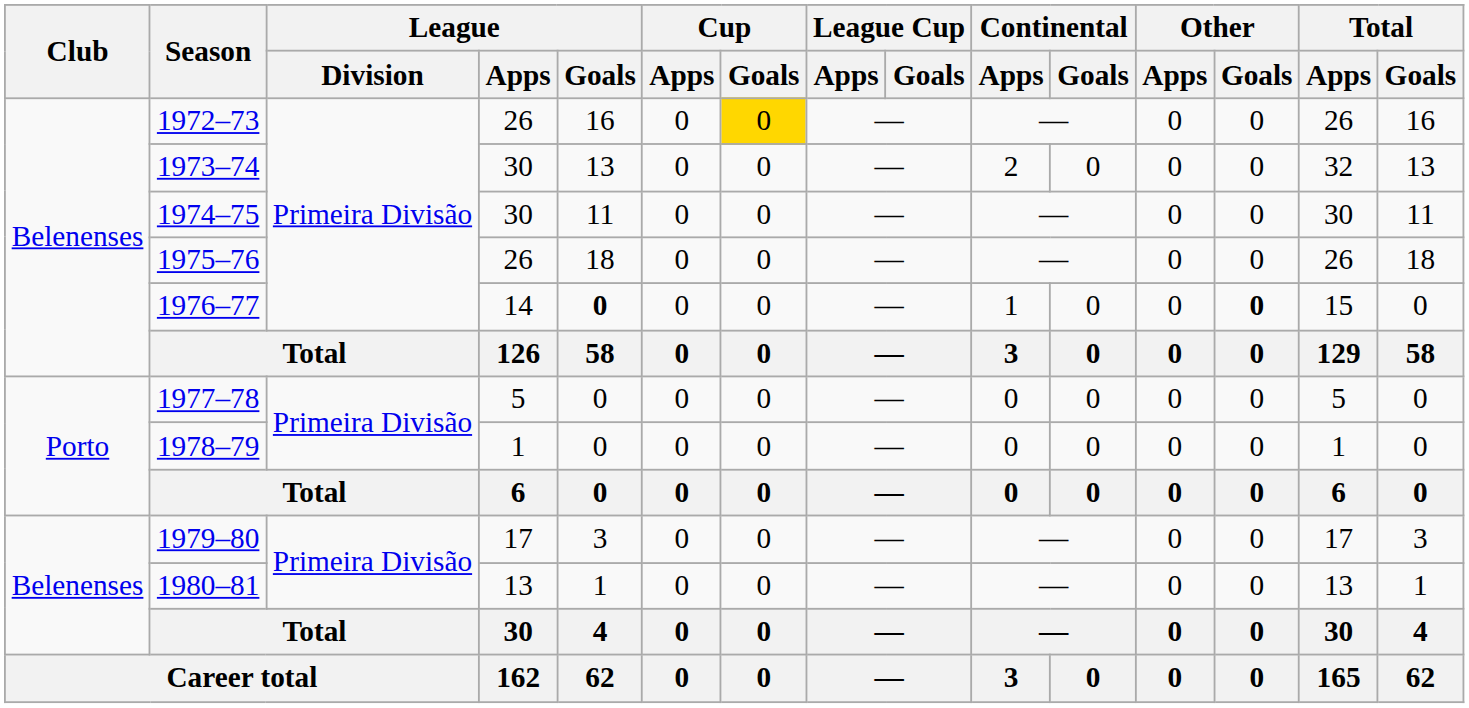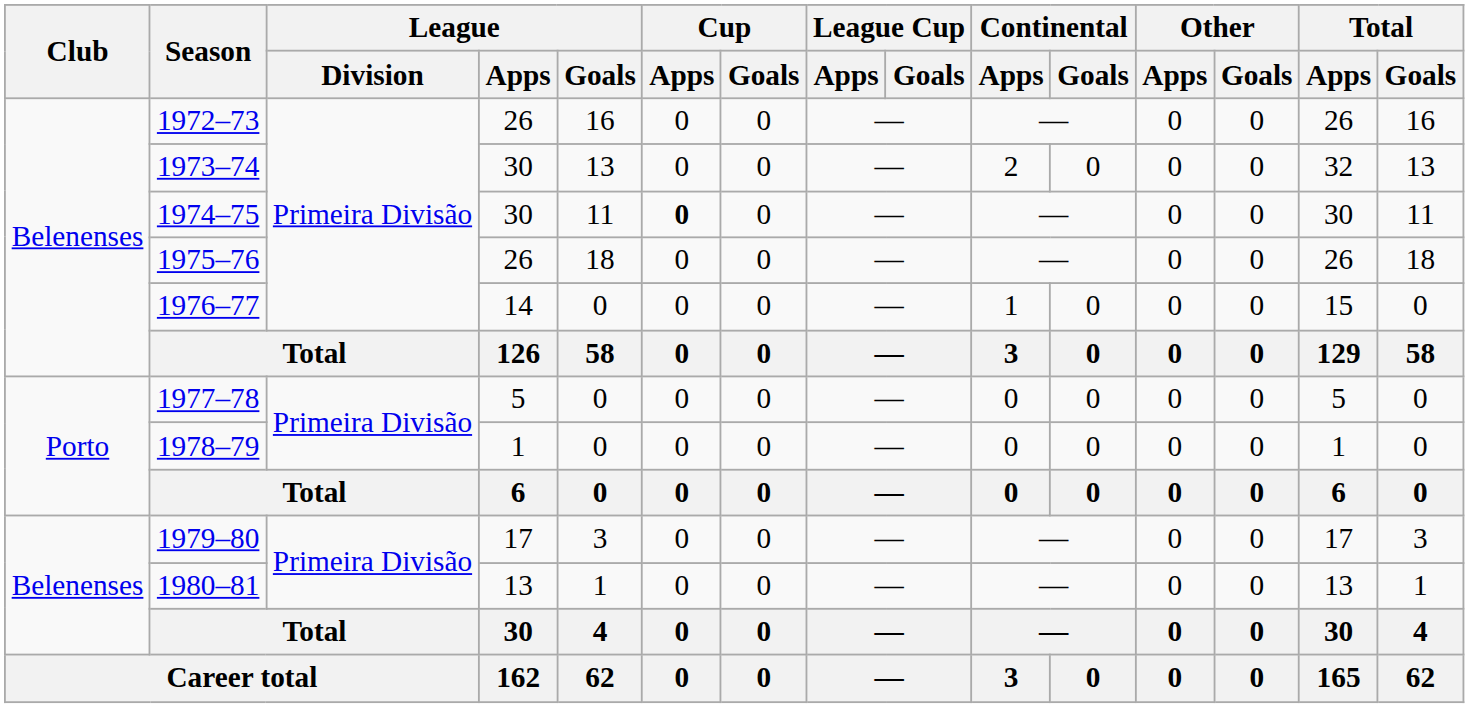 <table class="wikitable" style="text-align:center">
 <tr>
 <th rowspan="2">Club</th>
 <th rowspan="2">Season</th>
 <th colspan="3">League</th>
 <th colspan="2">Cup</th>
 <th colspan="2">League Cup</th>
 <th colspan="2">Continental</th>
 <th colspan="2">Other</th>
 <th colspan="2">Total</th>
 </tr>
 <tr>
 <th>Division</th>
 <th>Apps</th>
 <th>Goals</th>
 <th>Apps</th>
 <th>Goals</th>
 <th>Apps</th>
 <th>Goals</th>
 <th>Apps</th>
 <th>Goals</th>
 <th>Apps</th>
 <th>Goals</th>
 <th>Apps</th>
 <th>Goals</th>
 </tr>
 <tr>
 <td rowspan="6"><a href='#'>Belenenses</a></td>
 <td><a href='#'>1972–73</a></td>
 <td rowspan="5"><a href='#'>Primeira Divisão</a></td>
 <td>26</td>
 <td>16</td>
 <td>0</td>
-<td style="background: gold;">0</td>
+<td>0</td>
 <td colspan="2">—</td>
 <td colspan="2">—</td>
 <td>0</td>
 <td>0</td>
 <td>26</td>
 <td>16</td>
 </tr>
 <tr>
 <td><a href='#'>1973–74</a></td>
 <td>30</td>
 <td>13</td>
 <td>0</td>
 <td>0</td>
 <td colspan="2">—</td>
 <td>2</td>
 <td>0</td>
 <td>0</td>
 <td>0</td>
 <td>32</td>
 <td>13</td>
 </tr>
 <tr>
 <td><a href='#'>1974–75</a></td>
 <td>30</td>
 <td>11</td>
-<td>0</td>
+<td><strong>0</strong></td>
 <td>0</td>
 <td colspan="2">—</td>
 <td colspan="2">—</td>
 <td>0</td>
 <td>0</td>
 <td>30</td>
 <td>11</td>
 </tr>
 <tr>
 <td><a href='#'>1975–76</a></td>
 <td>26</td>
 <td>18</td>
 <td>0</td>
 <td>0</td>
 <td colspan="2">—</td>
 <td colspan="2">—</td>
 <td>0</td>
 <td>0</td>
 <td>26</td>
 <td>18</td>
 </tr>
 <tr>
 <td><a href='#'>1976–77</a></td>
 <td>14</td>
-<td><strong>0</strong></td>
+<td>0</td>
 <td>0</td>
 <td>0</td>
 <td colspan="2">—</td>
 <td>1</td>
 <td>0</td>
 <td>0</td>
-<td><strong>0</strong></td>
+<td>0</td>
 <td>15</td>
 <td>0</td>
 </tr>
 <tr>
 <th colspan="2">Total</th>
 <th>126</th>
 <th>58</th>
 <th>0</th>
 <th>0</th>
 <th colspan="2">—</th>
 <th>3</th>
 <th>0</th>
 <th>0</th>
 <th>0</th>
 <th>129</th>
 <th>58</th>
 </tr>
 <tr>
 <td rowspan="3"><a href='#'>Porto</a></td>
 <td><a href='#'>1977–78</a></td>
 <td rowspan="2"><a href='#'>Primeira Divisão</a></td>
 <td>5</td>
 <td>0</td>
 <td>0</td>
 <td>0</td>
 <td colspan="2">—</td>
 <td>0</td>
 <td>0</td>
 <td>0</td>
 <td>0</td>
 <td>5</td>
 <td>0</td>
 </tr>
 <tr>
 <td><a href='#'>1978–79</a></td>
 <td>1</td>
 <td>0</td>
 <td>0</td>
 <td>0</td>
 <td colspan="2">—</td>
 <td>0</td>
 <td>0</td>
 <td>0</td>
 <td>0</td>
 <td>1</td>
 <td>0</td>
 </tr>
 <tr>
 <th colspan="2">Total</th>
 <th>6</th>
 <th>0</th>
 <th>0</th>
 <th>0</th>
 <th colspan="2">—</th>
 <th>0</th>
 <th>0</th>
 <th>0</th>
 <th>0</th>
 <th>6</th>
 <th>0</th>
 </tr>
 <tr>
 <td rowspan="3"><a href='#'>Belenenses</a></td>
 <td><a href='#'>1979–80</a></td>
 <td rowspan="2"><a href='#'>Primeira Divisão</a></td>
 <td>17</td>
 <td>3</td>
 <td>0</td>
 <td>0</td>
 <td colspan="2">—</td>
 <td colspan="2">—</td>
 <td>0</td>
 <td>0</td>
 <td>17</td>
 <td>3</td>
 </tr>
 <tr>
 <td><a href='#'>1980–81</a></td>
 <td>13</td>
 <td>1</td>
 <td>0</td>
 <td>0</td>
 <td colspan="2">—</td>
 <td colspan="2">—</td>
 <td>0</td>
 <td>0</td>
 <td>13</td>
 <td>1</td>
 </tr>
 <tr>
 <th colspan="2">Total</th>
 <th>30</th>
 <th>4</th>
 <th>0</th>
 <th>0</th>
 <th colspan="2">—</th>
 <th colspan="2">—</th>
 <th>0</th>
 <th>0</th>
 <th>30</th>
 <th>4</th>
 </tr>
 <tr>
 <th colspan="3">Career total</th>
 <th>162</th>
 <th>62</th>
 <th>0</th>
 <th>0</th>
 <th colspan="2">—</th>
 <th>3</th>
 <th>0</th>
 <th>0</th>
 <th>0</th>
 <th>165</th>
 <th>62</th>
 </tr>
 </table>
